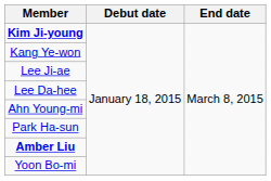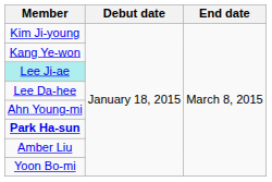 <table class="wikitable" style="text-align:center;">
 <tr>
 <th>Member</th>
 <th>Debut date</th>
 <th>End date</th>
 </tr>
 <tr>
-<td><strong><a href='#'>Kim Ji-young</a></strong></td>
+<td><a href='#'>Kim Ji-young</a></td>
 <td rowspan=8>January 18, 2015</td>
 <td rowspan=8>March 8, 2015</td>
 </tr>
 <tr>
 <td><a href='#'>Kang Ye-won</a></td>
 </tr>
 <tr>
-<td><a href='#'>Lee Ji-ae</a></td>
+<td style="background: paleturquoise;"><a href='#'>Lee Ji-ae</a></td>
 </tr>
 <tr>
 <td><a href='#'>Lee Da-hee</a></td>
 </tr>
 <tr>
 <td><a href='#'>Ahn Young-mi</a></td>
 </tr>
 <tr>
-<td><a href='#'>Park Ha-sun</a></td>
+<td><strong><a href='#'>Park Ha-sun</a></strong></td>
 </tr>
 <tr>
-<td><strong><a href='#'>Amber Liu</a></strong></td>
+<td><a href='#'>Amber Liu</a></td>
 </tr>
 <tr>
 <td><a href='#'>Yoon Bo-mi</a></td>
 </tr>
 </table>
